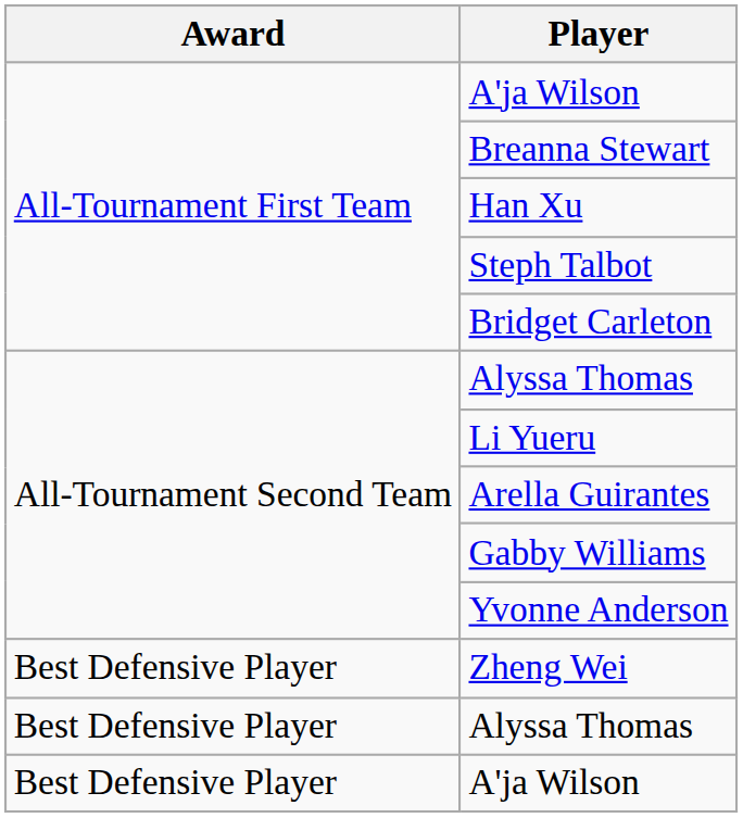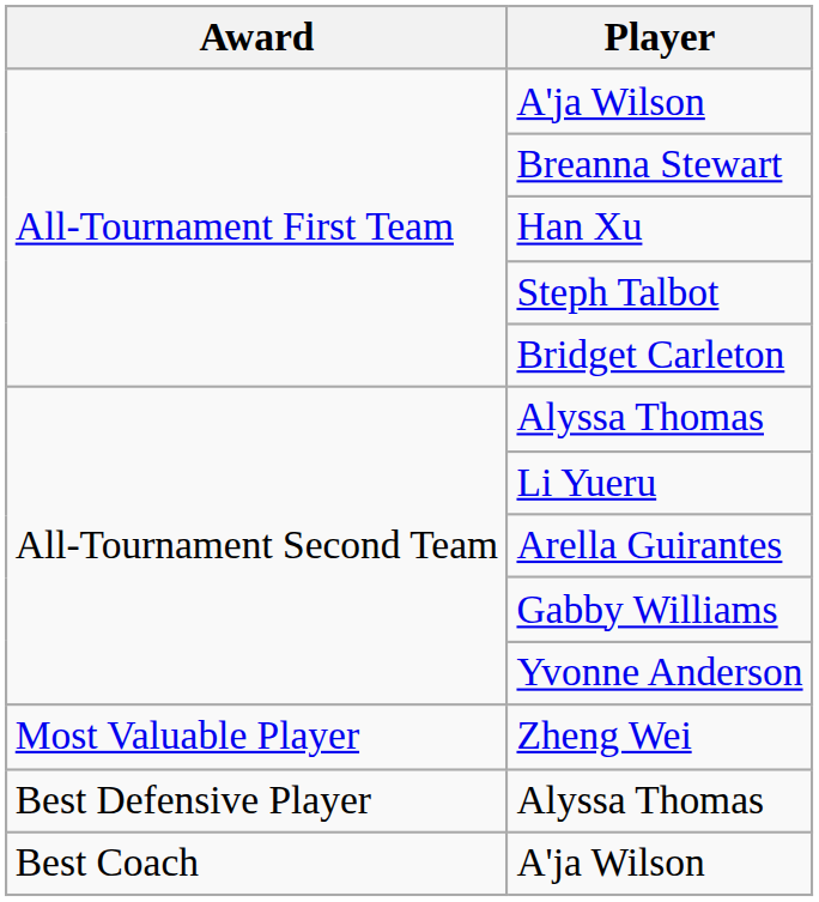 <table class="wikitable">
 <tr>
 <th>Award</th>
 <th>Player</th>
 </tr>
 <tr>
 <td rowspan=5><a href='#'>All-Tournament First Team</a></td>
 <td> <a href='#'>A'ja Wilson</a></td>
 </tr>
 <tr>
 <td> <a href='#'>Breanna Stewart</a></td>
 </tr>
 <tr>
 <td> <a href='#'>Han Xu</a></td>
 </tr>
 <tr>
 <td> <a href='#'>Steph Talbot</a></td>
 </tr>
 <tr>
 <td> <a href='#'>Bridget Carleton</a></td>
 </tr>
 <tr>
 <td rowspan=5>All-Tournament Second Team</td>
 <td> <a href='#'>Alyssa Thomas</a></td>
 </tr>
 <tr>
 <td> <a href='#'>Li Yueru</a></td>
 </tr>
 <tr>
 <td> <a href='#'>Arella Guirantes</a></td>
 </tr>
 <tr>
 <td> <a href='#'>Gabby Williams</a></td>
 </tr>
 <tr>
 <td> <a href='#'>Yvonne Anderson</a></td>
 </tr>
 <tr>
-<td>Best Defensive Player</td>
+<td><a href='#'>Most Valuable Player</a></td>
 <td> <a href='#'>Zheng Wei</a></td>
 </tr>
 <tr>
 <td>Best Defensive Player</td>
 <td> Alyssa Thomas</td>
 </tr>
 <tr>
-<td>Best Defensive Player</td>
+<td>Best Coach</td>
 <td> A'ja Wilson</td>
 </tr>
 </table>
